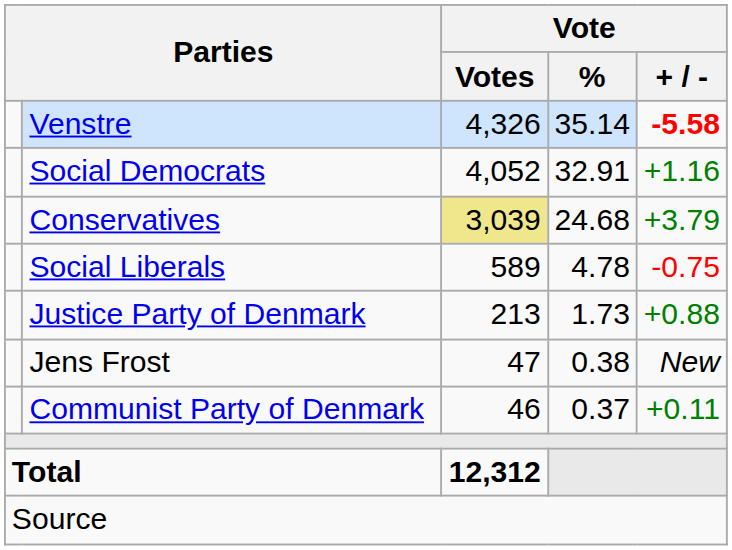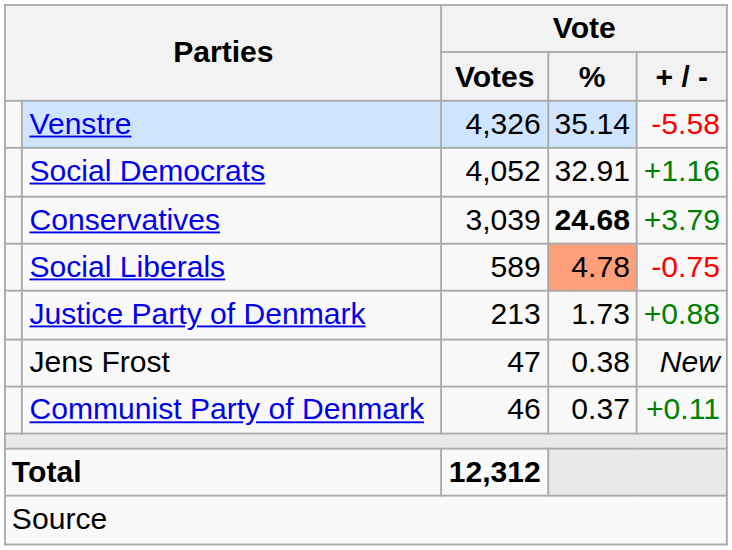 <table class="wikitable" style="text-align:right;">
 <tr>
 <th style="text-align:centre;" rowspan="2" colspan="2" width="225">Parties</th>
 <th colspan="3">Vote</th>
 </tr>
 <tr>
 <th width="15">Votes</th>
 <th width="15">%</th>
 <th width="15">+ / -</th>
 </tr>
 <tr>
 <td width="2" style="color:inherit;background:"></td>
 <td bgcolor=#cfe5fe  align="left"><a href='#'>Venstre</a></td>
 <td bgcolor=#cfe5fe>4,326</td>
 <td bgcolor=#cfe5fe>35.14</td>
-<td style=color:red;><strong>-5.58</strong></td>
+<td style=color:red;>-5.58</td>
 </tr>
 <tr>
 <td width="2" style="color:inherit;background:"></td>
 <td align="left"><a href='#'>Social Democrats</a></td>
 <td>4,052</td>
 <td>32.91</td>
 <td style=color:green;>+1.16</td>
 </tr>
 <tr>
 <td width="2" style="color:inherit;background:"></td>
 <td align="left"><a href='#'>Conservatives</a></td>
-<td style="background: khaki;">3,039</td>
-<td>24.68</td>
+<td>3,039</td>
+<td><strong>24.68</strong></td>
 <td style=color:green;>+3.79</td>
 </tr>
 <tr>
 <td width="2" style="color:inherit;background:"></td>
 <td align="left"><a href='#'>Social Liberals</a></td>
 <td>589</td>
-<td>4.78</td>
+<td style="background: lightsalmon;">4.78</td>
 <td style=color:red;>-0.75</td>
 </tr>
 <tr>
 <td width="2" style="color:inherit;background:"></td>
 <td align="left"><a href='#'>Justice Party of Denmark</a></td>
 <td>213</td>
 <td>1.73</td>
 <td style=color:green;>+0.88</td>
 </tr>
 <tr>
 <td width="2" style="color:inherit;background:"></td>
 <td align="left">Jens Frost</td>
 <td>47</td>
 <td>0.38</td>
 <td><em>New</em></td>
 </tr>
 <tr>
 <td width="2" style="color:inherit;background:"></td>
 <td align="left"><a href='#'>Communist Party of Denmark</a></td>
 <td>46</td>
 <td>0.37</td>
 <td style=color:green;>+0.11</td>
 </tr>
 <tr>
 <td colspan="7" bgcolor="#E9E9E9"></td>
 </tr>
 <tr>
 <td align="left" colspan="2"><strong>Total</strong></td>
 <td><strong>12,312</strong></td>
 <td bgcolor="#E9E9E9" colspan="2"></td>
 </tr>
 <tr>
 <td align="left" colspan="6">Source</td>
 </tr>
 </table>
